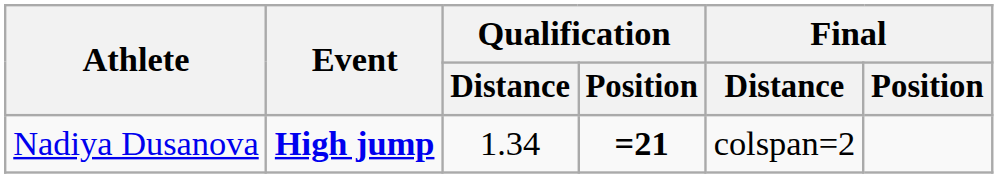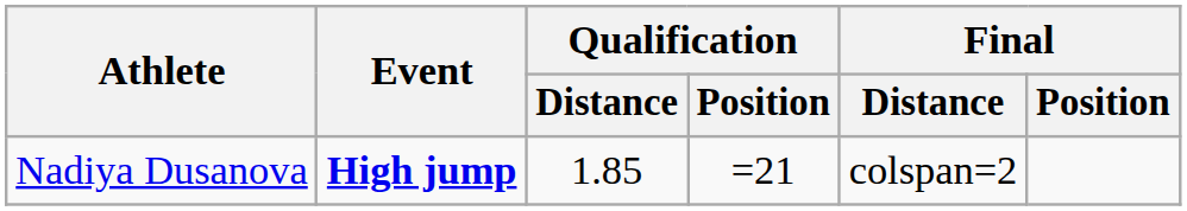 <table class=wikitable style="font-size:90%">
 <tr>
 <th rowspan="2">Athlete</th>
 <th rowspan="2">Event</th>
 <th colspan="2">Qualification</th>
 <th colspan="2">Final</th>
 </tr>
 <tr style="font-size:95%">
 <th>Distance</th>
 <th>Position</th>
 <th>Distance</th>
 <th>Position</th>
 </tr>
 <tr style=text-align:center>
 <td style=text-align:left><a href='#'>Nadiya Dusanova</a></td>
 <td style=text-align:left><strong><a href='#'>High jump</a></strong></td>
-<td>1.34</td>
-<td><strong>=21</strong></td>
+<td>1.85</td>
+<td>=21</td>
 <td>colspan=2 </td>
 </tr>
 </table>
